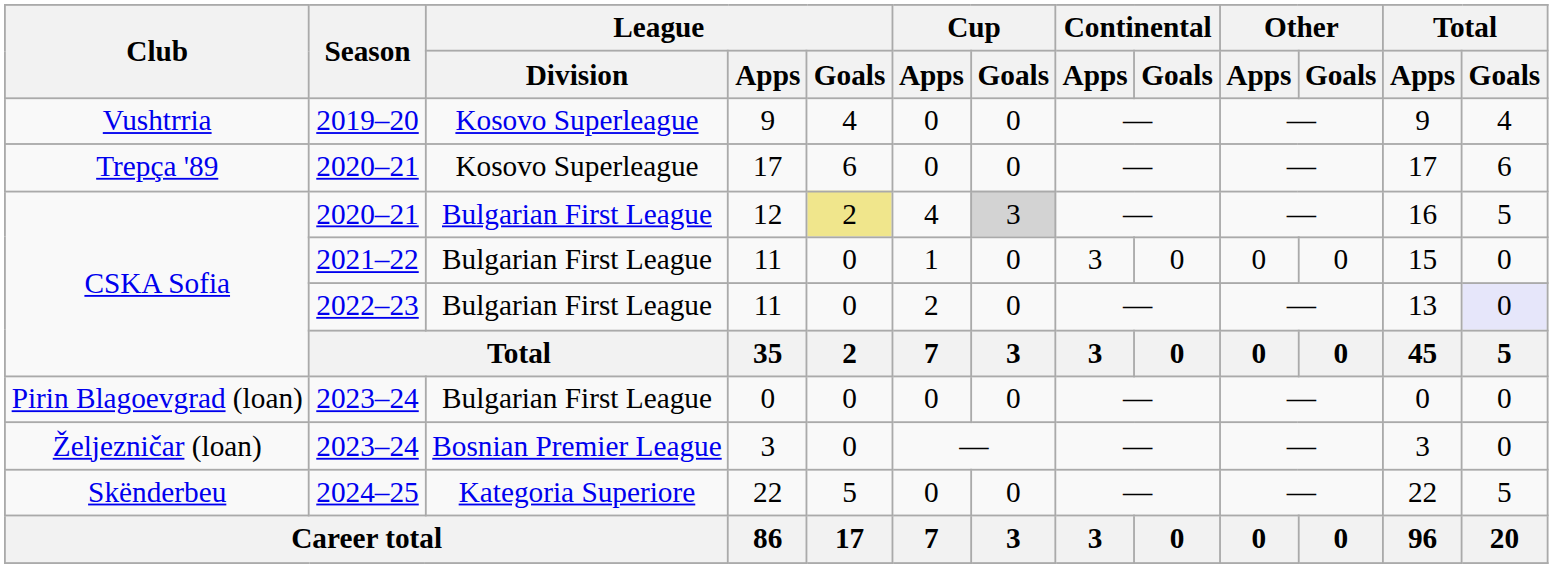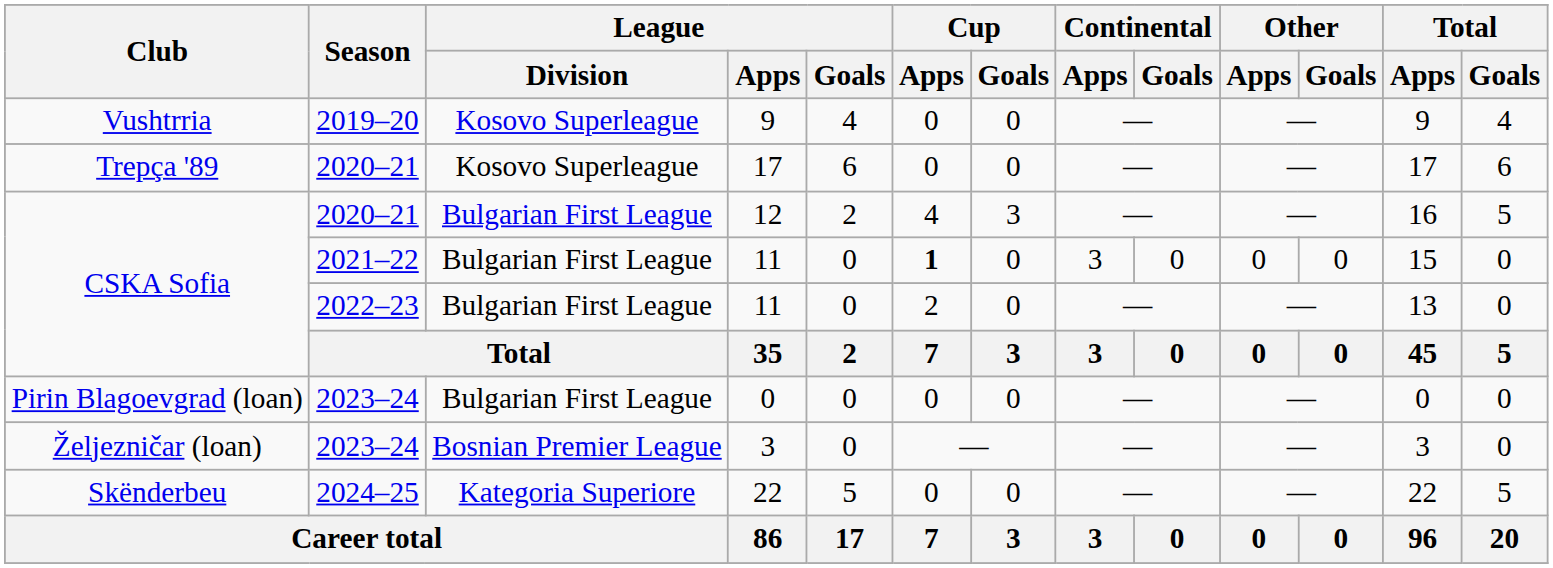 <table class="wikitable" style="text-align:center">
 <tr>
 <th rowspan="2">Club</th>
 <th rowspan="2">Season</th>
 <th colspan="3">League</th>
 <th colspan="2">Cup</th>
 <th colspan="2">Continental</th>
 <th colspan="2">Other</th>
 <th colspan="2">Total</th>
 </tr>
 <tr>
 <th>Division</th>
 <th>Apps</th>
 <th>Goals</th>
 <th>Apps</th>
 <th>Goals</th>
 <th>Apps</th>
 <th>Goals</th>
 <th>Apps</th>
 <th>Goals</th>
 <th>Apps</th>
 <th>Goals</th>
 </tr>
 <tr>
 <td><a href='#'>Vushtrria</a></td>
 <td><a href='#'>2019–20</a></td>
 <td><a href='#'>Kosovo Superleague</a></td>
 <td>9</td>
 <td>4</td>
 <td>0</td>
 <td>0</td>
 <td colspan="2">—</td>
 <td colspan="2">—</td>
 <td>9</td>
 <td>4</td>
 </tr>
 <tr>
 <td><a href='#'>Trepça '89</a></td>
 <td><a href='#'>2020–21</a></td>
 <td>Kosovo Superleague</td>
 <td>17</td>
 <td>6</td>
 <td>0</td>
 <td>0</td>
 <td colspan="2">—</td>
 <td colspan="2">—</td>
 <td>17</td>
 <td>6</td>
 </tr>
 <tr>
 <td rowspan=4><a href='#'>CSKA Sofia</a></td>
 <td><a href='#'>2020–21</a></td>
 <td><a href='#'>Bulgarian First League</a></td>
 <td>12</td>
-<td style="background: khaki;">2</td>
+<td>2</td>
 <td>4</td>
-<td style="background: lightgrey;">3</td>
+<td>3</td>
 <td colspan="2">—</td>
 <td colspan="2">—</td>
 <td>16</td>
 <td>5</td>
 </tr>
 <tr>
 <td><a href='#'>2021–22</a></td>
 <td>Bulgarian First League</td>
 <td>11</td>
 <td>0</td>
-<td>1</td>
+<td><strong>1</strong></td>
 <td>0</td>
 <td>3</td>
 <td>0</td>
 <td>0</td>
 <td>0</td>
 <td>15</td>
 <td>0</td>
 </tr>
 <tr>
 <td><a href='#'>2022–23</a></td>
 <td>Bulgarian First League</td>
 <td>11</td>
 <td>0</td>
 <td>2</td>
 <td>0</td>
 <td colspan="2">—</td>
 <td colspan="2">—</td>
 <td>13</td>
-<td style="background: lavender;">0</td>
+<td>0</td>
 </tr>
 <tr>
 <th colspan="2">Total</th>
 <th>35</th>
 <th>2</th>
 <th>7</th>
 <th>3</th>
 <th>3</th>
 <th>0</th>
 <th>0</th>
 <th>0</th>
 <th>45</th>
 <th>5</th>
 </tr>
 <tr>
 <td><a href='#'>Pirin Blagoevgrad</a> (loan)</td>
 <td><a href='#'>2023–24</a></td>
 <td>Bulgarian First League</td>
 <td>0</td>
 <td>0</td>
 <td>0</td>
 <td>0</td>
 <td colspan="2">—</td>
 <td colspan="2">—</td>
 <td>0</td>
 <td>0</td>
 </tr>
 <tr>
 <td><a href='#'>Željezničar</a> (loan)</td>
 <td><a href='#'>2023–24</a></td>
 <td><a href='#'>Bosnian Premier League</a></td>
 <td>3</td>
 <td>0</td>
 <td colspan="2">—</td>
 <td colspan="2">—</td>
 <td colspan="2">—</td>
 <td>3</td>
 <td>0</td>
 </tr>
 <tr>
 <td><a href='#'>Skënderbeu</a></td>
 <td><a href='#'>2024–25</a></td>
 <td><a href='#'>Kategoria Superiore</a></td>
 <td>22</td>
 <td>5</td>
 <td>0</td>
 <td>0</td>
 <td colspan="2">—</td>
 <td colspan="2">—</td>
 <td>22</td>
 <td>5</td>
 </tr>
 <tr>
 <th colspan="3">Career total</th>
 <th>86</th>
 <th>17</th>
 <th>7</th>
 <th>3</th>
 <th>3</th>
 <th>0</th>
 <th>0</th>
 <th>0</th>
 <th>96</th>
 <th>20</th>
 </tr>
 </table>
